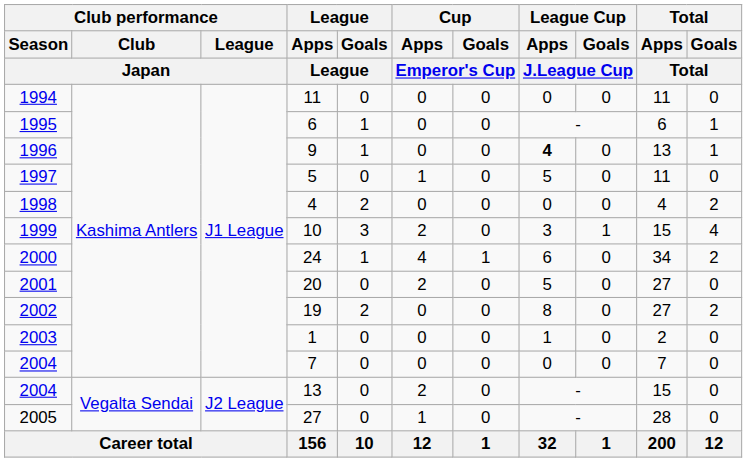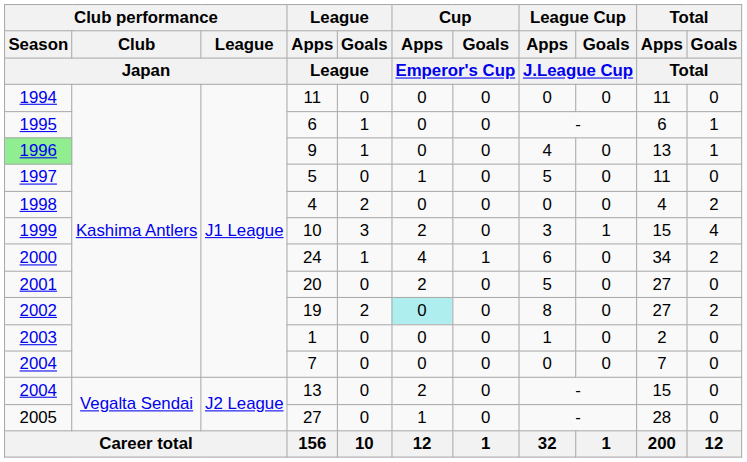 <table class="wikitable" style="text-align:center">
 <tr>
 <th colspan=3>Club performance</th>
 <th colspan=2>League</th>
 <th colspan=2>Cup</th>
 <th colspan=2>League Cup</th>
 <th colspan=2>Total</th>
 </tr>
 <tr>
 <th>Season</th>
 <th>Club</th>
 <th>League</th>
 <th>Apps</th>
 <th>Goals</th>
 <th>Apps</th>
 <th>Goals</th>
 <th>Apps</th>
 <th>Goals</th>
 <th>Apps</th>
 <th>Goals</th>
 </tr>
 <tr>
 <th colspan=3>Japan</th>
 <th colspan=2>League</th>
 <th colspan=2><a href='#'>Emperor's Cup</a></th>
 <th colspan=2><a href='#'>J.League Cup</a></th>
 <th colspan=2>Total</th>
 </tr>
 <tr>
 <td><a href='#'>1994</a></td>
 <td rowspan="11"><a href='#'>Kashima Antlers</a></td>
 <td rowspan="11"><a href='#'>J1 League</a></td>
 <td>11</td>
 <td>0</td>
 <td>0</td>
 <td>0</td>
 <td>0</td>
 <td>0</td>
 <td>11</td>
 <td>0</td>
 </tr>
 <tr>
 <td><a href='#'>1995</a></td>
 <td>6</td>
 <td>1</td>
 <td>0</td>
 <td>0</td>
 <td colspan="2">-</td>
 <td>6</td>
 <td>1</td>
 </tr>
 <tr>
-<td><a href='#'>1996</a></td>
+<td style="background: lightgreen;"><a href='#'>1996</a></td>
 <td>9</td>
 <td>1</td>
 <td>0</td>
 <td>0</td>
-<td><strong>4</strong></td>
+<td>4</td>
 <td>0</td>
 <td>13</td>
 <td>1</td>
 </tr>
 <tr>
 <td><a href='#'>1997</a></td>
 <td>5</td>
 <td>0</td>
 <td>1</td>
 <td>0</td>
 <td>5</td>
 <td>0</td>
 <td>11</td>
 <td>0</td>
 </tr>
 <tr>
 <td><a href='#'>1998</a></td>
 <td>4</td>
 <td>2</td>
 <td>0</td>
 <td>0</td>
 <td>0</td>
 <td>0</td>
 <td>4</td>
 <td>2</td>
 </tr>
 <tr>
 <td><a href='#'>1999</a></td>
 <td>10</td>
 <td>3</td>
 <td>2</td>
 <td>0</td>
 <td>3</td>
 <td>1</td>
 <td>15</td>
 <td>4</td>
 </tr>
 <tr>
 <td><a href='#'>2000</a></td>
 <td>24</td>
 <td>1</td>
 <td>4</td>
 <td>1</td>
 <td>6</td>
 <td>0</td>
 <td>34</td>
 <td>2</td>
 </tr>
 <tr>
 <td><a href='#'>2001</a></td>
 <td>20</td>
 <td>0</td>
 <td>2</td>
 <td>0</td>
 <td>5</td>
 <td>0</td>
 <td>27</td>
 <td>0</td>
 </tr>
 <tr>
 <td><a href='#'>2002</a></td>
 <td>19</td>
 <td>2</td>
-<td>0</td>
+<td style="background: paleturquoise;">0</td>
 <td>0</td>
 <td>8</td>
 <td>0</td>
 <td>27</td>
 <td>2</td>
 </tr>
 <tr>
 <td><a href='#'>2003</a></td>
 <td>1</td>
 <td>0</td>
 <td>0</td>
 <td>0</td>
 <td>1</td>
 <td>0</td>
 <td>2</td>
 <td>0</td>
 </tr>
 <tr>
 <td><a href='#'>2004</a></td>
 <td>7</td>
 <td>0</td>
 <td>0</td>
 <td>0</td>
 <td>0</td>
 <td>0</td>
 <td>7</td>
 <td>0</td>
 </tr>
 <tr>
 <td><a href='#'>2004</a></td>
 <td rowspan="2"><a href='#'>Vegalta Sendai</a></td>
 <td rowspan="2"><a href='#'>J2 League</a></td>
 <td>13</td>
 <td>0</td>
 <td>2</td>
 <td>0</td>
 <td colspan="2">-</td>
 <td>15</td>
 <td>0</td>
 </tr>
 <tr>
 <td>2005</td>
 <td>27</td>
 <td>0</td>
 <td>1</td>
 <td>0</td>
 <td colspan="2">-</td>
 <td>28</td>
 <td>0</td>
 </tr>
 <tr>
 <th colspan=3>Career total</th>
 <th>156</th>
 <th>10</th>
 <th>12</th>
 <th>1</th>
 <th>32</th>
 <th>1</th>
 <th>200</th>
 <th>12</th>
 </tr>
 </table>
